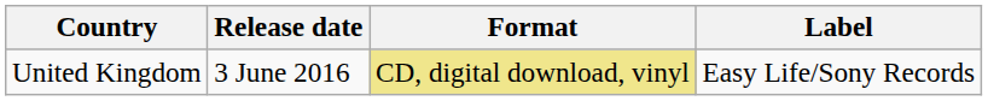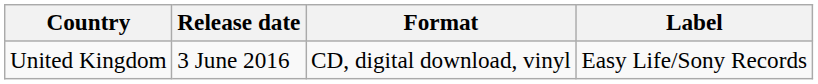 <table class="wikitable">
 <tr>
 <th>Country</th>
 <th>Release date</th>
 <th>Format</th>
 <th>Label</th>
 </tr>
 <tr>
 <td rowspan="3">United Kingdom</td>
 <td rowspan="3">3 June 2016</td>
-<td style="background: khaki;">CD, digital download, vinyl</td>
+<td>CD, digital download, vinyl</td>
 <td rowspan="3">Easy Life/Sony Records</td>
 </tr>
 </table>
